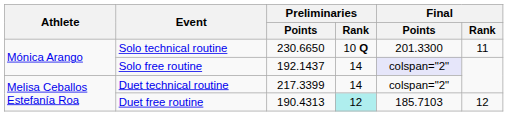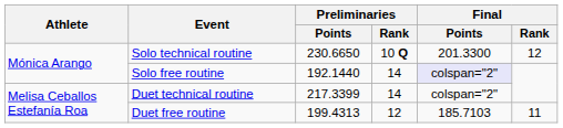 <table class="wikitable" style="text-align:center; font-size:90%; width:50%;">
 <tr>
 <th rowspan="2">Athlete</th>
 <th rowspan="2">Event</th>
 <th colspan="2">Preliminaries</th>
 <th colspan="2">Final</th>
 </tr>
 <tr style="font-size:95%">
 <th>Points</th>
 <th>Rank</th>
 <th>Points</th>
 <th>Rank</th>
 </tr>
 <tr>
 <td align=left rowspan=2><a href='#'>Mónica Arango</a></td>
 <td align=left><a href='#'>Solo technical routine</a></td>
 <td>230.6650</td>
 <td>10 <strong>Q</strong></td>
 <td>201.3300</td>
-<td>11</td>
+<td>12</td>
 </tr>
 <tr>
 <td align=left><a href='#'>Solo free routine</a></td>
-<td>192.1437</td>
+<td>192.1440</td>
 <td>14</td>
 <td style="background: lavender;">colspan="2" </td>
 </tr>
 <tr>
 <td align=left rowspan=2><a href='#'>Melisa Ceballos</a><br><a href='#'>Estefanía Roa</a></td>
 <td align=left><a href='#'>Duet technical routine</a></td>
 <td>217.3399</td>
 <td>14</td>
 <td>colspan="2" </td>
 </tr>
 <tr>
 <td align=left><a href='#'>Duet free routine</a></td>
-<td>190.4313</td>
-<td style="background: paleturquoise;">12</td>
+<td>199.4313</td>
+<td>12</td>
 <td>185.7103</td>
-<td>12</td>
+<td>11</td>
 </tr>
 </table>
